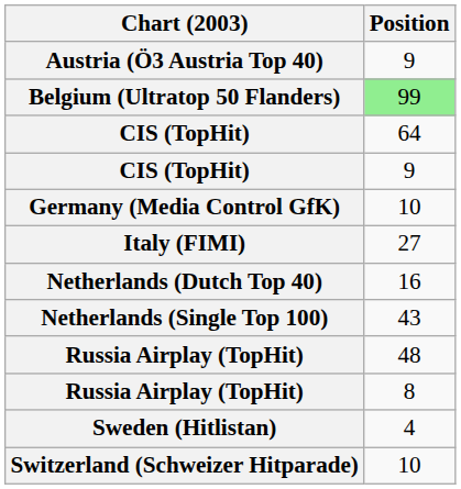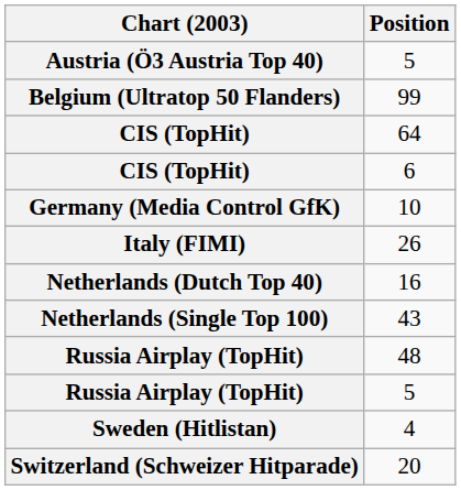 <table class="wikitable sortable plainrowheaders" style="text-align:center">
 <tr>
 <th scope="col">Chart (2003)</th>
 <th scope="col">Position</th>
 </tr>
 <tr>
 <th scope="row">Austria (Ö3 Austria Top 40)</th>
-<td>9</td>
+<td>5</td>
 </tr>
 <tr>
 <th scope="row">Belgium (Ultratop 50 Flanders)</th>
-<td style="background: lightgreen;">99</td>
+<td>99</td>
 </tr>
 <tr>
 <th scope="row">CIS (TopHit)</th>
 <td>64</td>
 </tr>
 <tr>
 <th scope="row">CIS (TopHit)<br></th>
-<td>9</td>
+<td>6</td>
 </tr>
 <tr>
 <th scope="row">Germany (Media Control GfK)</th>
 <td>10</td>
 </tr>
 <tr>
 <th scope="row">Italy (FIMI)</th>
-<td>27</td>
+<td>26</td>
 </tr>
 <tr>
 <th scope="row">Netherlands (Dutch Top 40)</th>
 <td>16</td>
 </tr>
 <tr>
 <th scope="row">Netherlands (Single Top 100)</th>
 <td>43</td>
 </tr>
 <tr>
 <th scope="row">Russia Airplay (TopHit)</th>
 <td>48</td>
 </tr>
 <tr>
 <th scope="row">Russia Airplay (TopHit)<br></th>
-<td>8</td>
+<td>5</td>
 </tr>
 <tr>
 <th scope="row">Sweden (Hitlistan)</th>
 <td>4</td>
 </tr>
 <tr>
 <th scope="row">Switzerland (Schweizer Hitparade)</th>
-<td>10</td>
+<td>20</td>
 </tr>
 </table>
